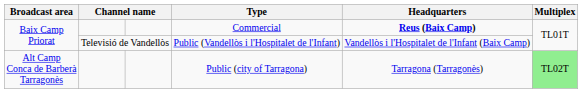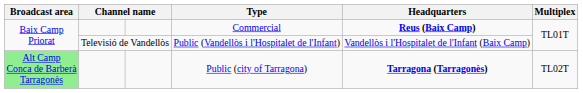 <table class="wikitable toccolours" cellpadding="3" border="1" style="border-collapse:collapse; text-align:center">
 <tr>
 <th>Broadcast area</th>
 <th colspan="2"><strong>Channel name</strong></th>
 <th>Type</th>
 <th>Headquarters</th>
 <th>Multiplex</th>
 </tr>
 <tr>
 <td rowspan="2"><a href='#'>Baix Camp</a><br><a href='#'>Priorat</a></td>
 <td></td>
 <td></td>
 <td><a href='#'>Commercial</a></td>
 <td><strong><a href='#'>Reus</a> (<a href='#'>Baix Camp</a>)</strong></td>
 <td rowspan="2">TL01T</td>
 </tr>
 <tr>
 <td colspan="2">Televisió de Vandellòs</td>
 <td><a href='#'>Public</a> (<a href='#'>Vandellòs i l'Hospitalet de l'Infant</a>)</td>
 <td><a href='#'>Vandellòs i l'Hospitalet de l'Infant</a> (<a href='#'>Baix Camp</a>)</td>
 </tr>
 <tr>
-<td><a href='#'>Alt Camp</a><br><a href='#'>Conca de Barberà</a><br><a href='#'>Tarragonès</a></td>
+<td style="background: lightgreen;"><a href='#'>Alt Camp</a><br><a href='#'>Conca de Barberà</a><br><a href='#'>Tarragonès</a></td>
 <td></td>
 <td></td>
 <td><a href='#'>Public</a> (<a href='#'>city of Tarragona</a>)</td>
-<td><a href='#'>Tarragona</a> (<a href='#'>Tarragonès</a>)</td>
-<td style="background: lightgreen;">TL02T</td>
+<td><strong><a href='#'>Tarragona</a> (<a href='#'>Tarragonès</a>)</strong></td>
+<td>TL02T</td>
 </tr>
 </table>
